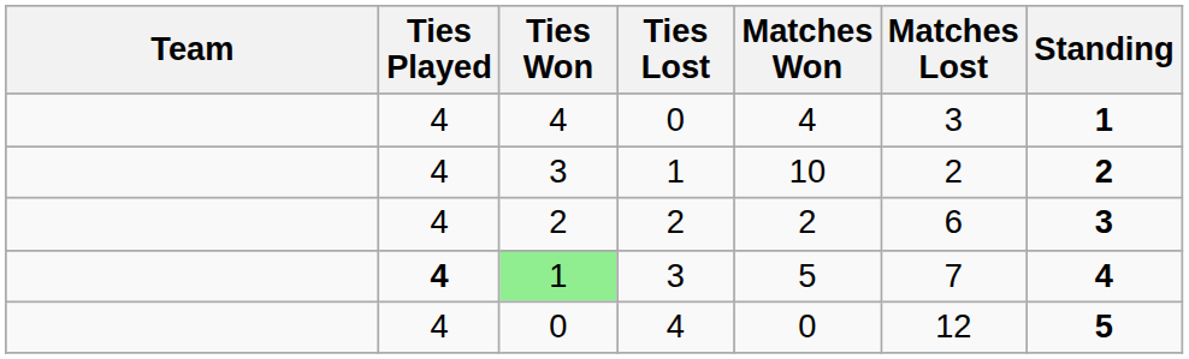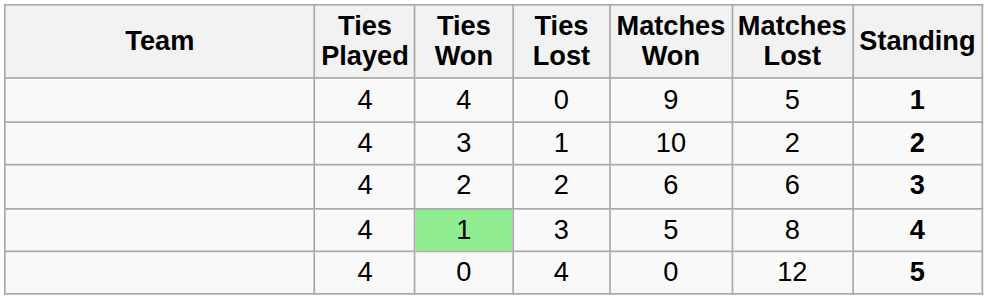 <table class=wikitable style="text-align:center">
 <tr>
 <th width=175>Team</th>
 <th width=50>Ties Played</th>
 <th width=50>Ties Won</th>
 <th width=50>Ties Lost</th>
 <th width=50>Matches Won</th>
 <th width=50>Matches Lost</th>
 <th width=50>Standing</th>
 </tr>
 <tr>
 <td style="text-align:left"></td>
 <td>4</td>
 <td>4</td>
 <td>0</td>
-<td>4</td>
-<td>3</td>
+<td>9</td>
+<td>5</td>
 <td><strong>1</strong></td>
 </tr>
 <tr>
 <td style="text-align:left"></td>
 <td>4</td>
 <td>3</td>
 <td>1</td>
 <td>10</td>
 <td>2</td>
 <td><strong>2</strong></td>
 </tr>
 <tr>
 <td style="text-align:left"></td>
 <td>4</td>
 <td>2</td>
 <td>2</td>
-<td>2</td>
+<td>6</td>
 <td>6</td>
 <td><strong>3</strong></td>
 </tr>
 <tr>
 <td style="text-align:left"></td>
-<td><strong>4</strong></td>
+<td>4</td>
 <td style="background: lightgreen;">1</td>
 <td>3</td>
 <td>5</td>
-<td>7</td>
+<td>8</td>
 <td><strong>4</strong></td>
 </tr>
 <tr>
 <td style="text-align:left"></td>
 <td>4</td>
 <td>0</td>
 <td>4</td>
 <td>0</td>
 <td>12</td>
 <td><strong>5</strong></td>
 </tr>
 </table>
